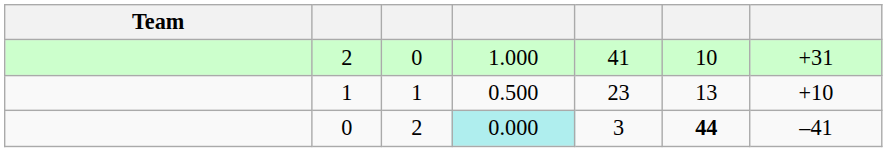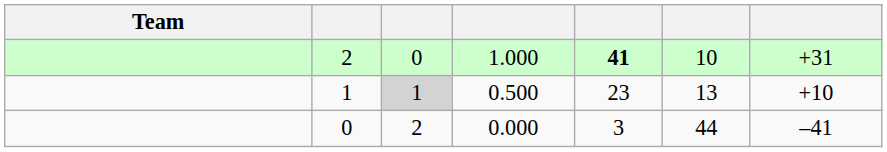 <table class="wikitable" style="text-align:center; width:50%">
 <tr>
 <th width="35%">Team</th>
 <th width="8%"></th>
 <th width="8%"></th>
 <th width="14%"></th>
 <th width="10%"></th>
 <th width="10%"></th>
 <th width="15%"></th>
 </tr>
 <tr style="background:#CCFFCC;">
 <td style="text-align:left;"></td>
 <td>2</td>
 <td>0</td>
 <td>1.000</td>
-<td>41</td>
+<td><strong>41</strong></td>
 <td>10</td>
 <td>+31</td>
 </tr>
 <tr>
 <td style="text-align:left;"></td>
 <td>1</td>
-<td>1</td>
+<td style="background: lightgrey;">1</td>
 <td>0.500</td>
 <td>23</td>
 <td>13</td>
 <td>+10</td>
 </tr>
 <tr>
 <td style="text-align:left;"></td>
 <td>0</td>
 <td>2</td>
-<td style="background: paleturquoise;">0.000</td>
+<td>0.000</td>
 <td>3</td>
-<td><strong>44</strong></td>
+<td>44</td>
 <td>–41</td>
 </tr>
 </table>
